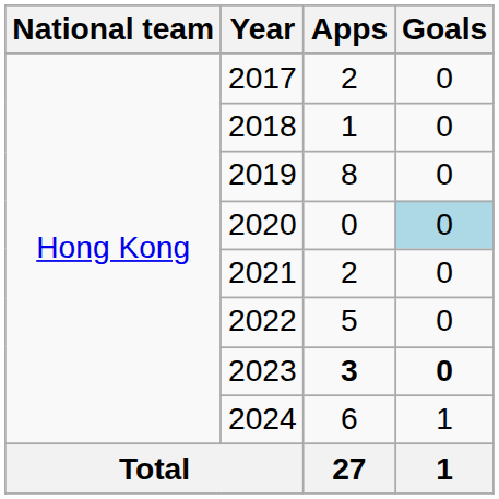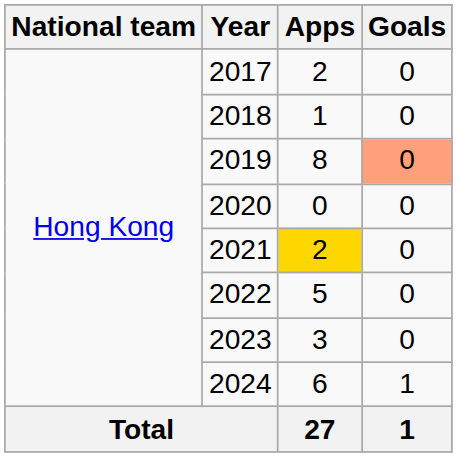 <table class="wikitable" style="text-align:center">
 <tr>
 <th>National team</th>
 <th>Year</th>
 <th>Apps</th>
 <th>Goals</th>
 </tr>
 <tr>
 <td rowspan="8"><a href='#'>Hong Kong</a></td>
 <td>2017</td>
 <td>2</td>
 <td>0</td>
 </tr>
 <tr>
 <td>2018</td>
 <td>1</td>
 <td>0</td>
 </tr>
 <tr>
 <td>2019</td>
 <td>8</td>
-<td>0</td>
+<td style="background: lightsalmon;">0</td>
 </tr>
 <tr>
 <td>2020</td>
 <td>0</td>
-<td style="background: lightblue;">0</td>
+<td>0</td>
 </tr>
 <tr>
 <td>2021</td>
-<td>2</td>
+<td style="background: gold;">2</td>
 <td>0</td>
 </tr>
 <tr>
 <td>2022</td>
 <td>5</td>
 <td>0</td>
 </tr>
 <tr>
 <td>2023</td>
-<td><strong>3</strong></td>
-<td><strong>0</strong></td>
+<td>3</td>
+<td>0</td>
 </tr>
 <tr>
 <td>2024</td>
 <td>6</td>
 <td>1</td>
 </tr>
 <tr>
 <th colspan=2>Total</th>
 <th>27</th>
 <th>1</th>
 </tr>
 </table>
